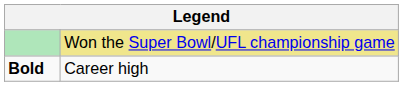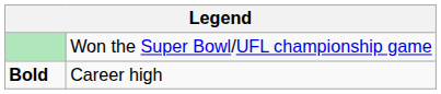 <table class="wikitable mw-collapsible">
 <tr>
 <th colspan="2">Legend</th>
 </tr>
 <tr>
 <td style="background:#afe6ba; width:3em;"></td>
-<td style="background: khaki;">Won the <a href='#'>Super Bowl</a>/<a href='#'>UFL championship game</a></td>
+<td>Won the <a href='#'>Super Bowl</a>/<a href='#'>UFL championship game</a></td>
 </tr>
 <tr>
 <td><strong>Bold</strong></td>
 <td>Career high</td>
 </tr>
 </table>
